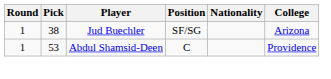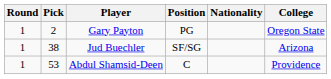 <table class="wikitable sortable sortable">
 <tr>
 <th>Round</th>
 <th>Pick</th>
 <th>Player</th>
 <th>Position</th>
 <th>Nationality</th>
 <th>College</th>
+</tr>
+<tr style="text-align: center">
+<td>1</td>
+<td>2</td>
+<td><a href='#'>Gary Payton</a></td>
+<td>PG</td>
+<td></td>
+<td><a href='#'>Oregon State</a></td>
 </tr>
 <tr style="text-align: center">
 <td>1</td>
 <td>38</td>
 <td><a href='#'>Jud Buechler</a></td>
 <td>SF/SG</td>
 <td></td>
 <td><a href='#'>Arizona</a></td>
 </tr>
 <tr style="text-align: center">
 <td>1</td>
 <td>53</td>
 <td><a href='#'>Abdul Shamsid-Deen</a></td>
 <td>C</td>
 <td></td>
 <td><a href='#'>Providence</a></td>
 </tr>
 </table>
